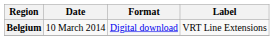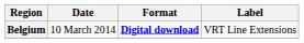 <table class="wikitable plainrowheaders">
 <tr>
 <th scope="col">Region</th>
 <th scope="col">Date</th>
 <th scope="col">Format</th>
 <th scope="col">Label</th>
 </tr>
 <tr>
 <th scope="row">Belgium</th>
 <td>10 March 2014</td>
-<td><a href='#'>Digital download</a></td>
+<td><strong><a href='#'>Digital download</a></strong></td>
 <td>VRT Line Extensions</td>
 </tr>
 <tr>
 </tr>
 </table>
